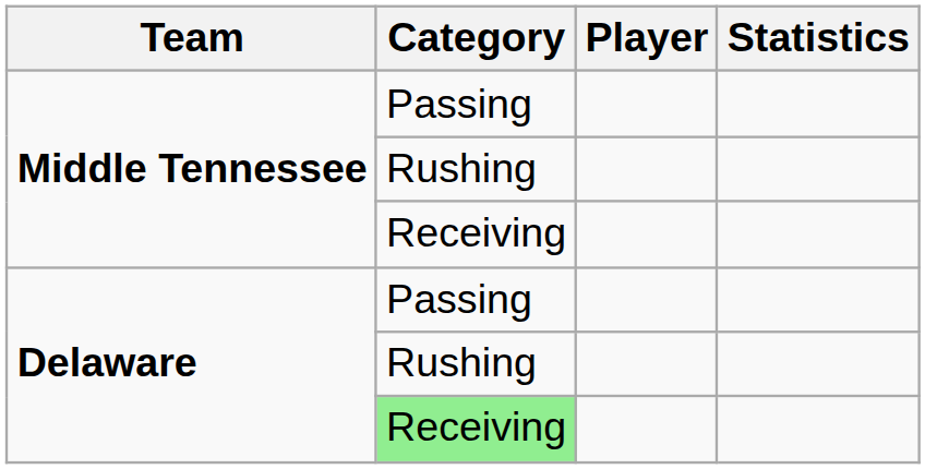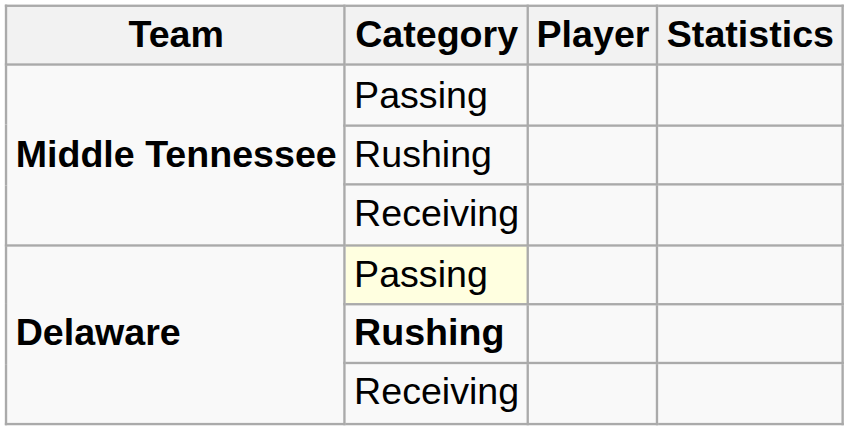 <table class="wikitable" style="float: right;">
 <tr>
 <th>Team</th>
 <th>Category</th>
 <th>Player</th>
 <th>Statistics</th>
 </tr>
 <tr>
 <td rowspan=3><strong>Middle Tennessee</strong></td>
 <td>Passing</td>
 <td></td>
 <td></td>
 </tr>
 <tr>
 <td>Rushing</td>
 <td></td>
 <td></td>
 </tr>
 <tr>
 <td>Receiving</td>
 <td></td>
 <td></td>
 </tr>
 <tr>
 <td rowspan=3><strong>Delaware</strong></td>
-<td>Passing</td>
+<td style="background: lightyellow;">Passing</td>
 <td></td>
 <td></td>
 </tr>
 <tr>
-<td>Rushing</td>
+<td><strong>Rushing</strong></td>
 <td></td>
 <td></td>
 </tr>
 <tr>
-<td style="background: lightgreen;">Receiving</td>
+<td>Receiving</td>
 <td></td>
 <td></td>
 </tr>
 </table>
